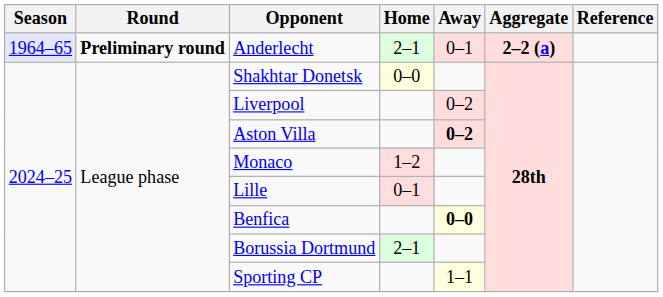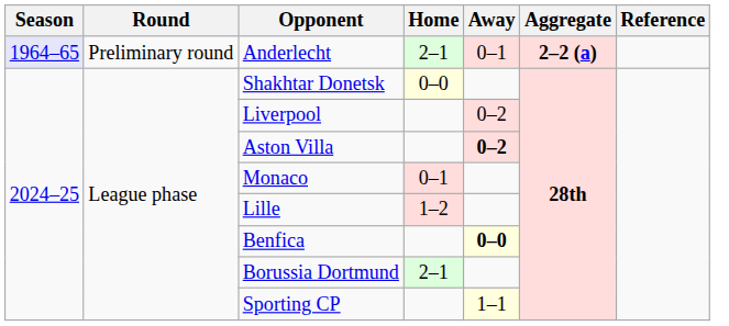 <table class="wikitable">
 <tr>
 <th>Season</th>
 <th>Round</th>
 <th>Opponent</th>
 <th>Home</th>
 <th>Away</th>
 <th>Aggregate</th>
 <th>Reference</th>
 </tr>
 <tr>
 <td style="background: lavender;"><a href='#'>1964–65</a></td>
-<td><strong>Preliminary round</strong></td>
+<td>Preliminary round</td>
 <td> <a href='#'>Anderlecht</a></td>
 <td style="text-align:center; background:#dfd;">2–1</td>
 <td style="text-align:center; background:#fdd;">0–1</td>
 <td style="text-align:center; background:#fdd;"><strong>2–2 (<a href='#'>a</a>)</strong></td>
 <td style="text-align:center;"></td>
 </tr>
 <tr>
 <td rowspan=8><a href='#'>2024–25</a></td>
 <td rowspan=8>League phase</td>
 <td> <a href='#'>Shakhtar Donetsk</a></td>
 <td style="text-align:center; background:#ffd;">0–0</td>
 <td></td>
 <td rowspan=8 style="text-align:center; background:#fdd;"><strong>28th</strong></td>
 <td rowspan=8 style="text-align:center;"></td>
 </tr>
 <tr>
 <td> <a href='#'>Liverpool</a></td>
 <td></td>
 <td style="text-align:center; background:#fdd;">0–2</td>
 </tr>
 <tr>
 <td> <a href='#'>Aston Villa</a></td>
 <td></td>
 <td style="text-align:center; background:#fdd;"><strong>0–2</strong></td>
 </tr>
 <tr>
 <td> <a href='#'>Monaco</a></td>
-<td style="text-align:center; background:#fdd;">1–2</td>
+<td style="text-align:center; background:#fdd;">0–1</td>
 <td></td>
 </tr>
 <tr>
 <td> <a href='#'>Lille</a></td>
-<td style="text-align:center; background:#fdd;">0–1</td>
+<td style="text-align:center; background:#fdd;">1–2</td>
 <td></td>
 </tr>
 <tr>
 <td> <a href='#'>Benfica</a></td>
 <td></td>
 <td style="text-align:center; background:#ffd;"><strong>0–0</strong></td>
 </tr>
 <tr>
 <td> <a href='#'>Borussia Dortmund</a></td>
 <td style="text-align:center; background:#dfd;">2–1</td>
 <td></td>
 </tr>
 <tr>
 <td> <a href='#'>Sporting CP</a></td>
 <td></td>
 <td style="text-align:center; background:#ffd;">1–1</td>
 </tr>
 </table>
